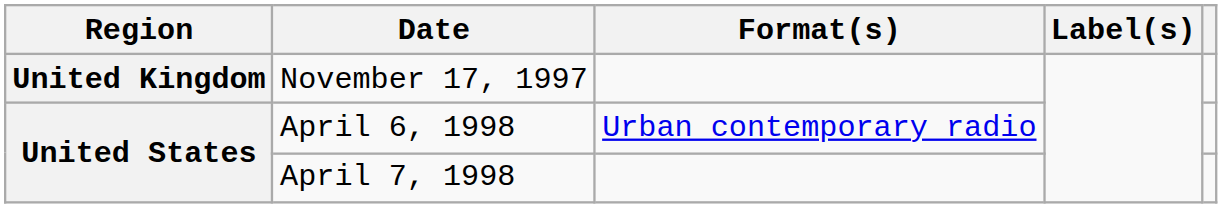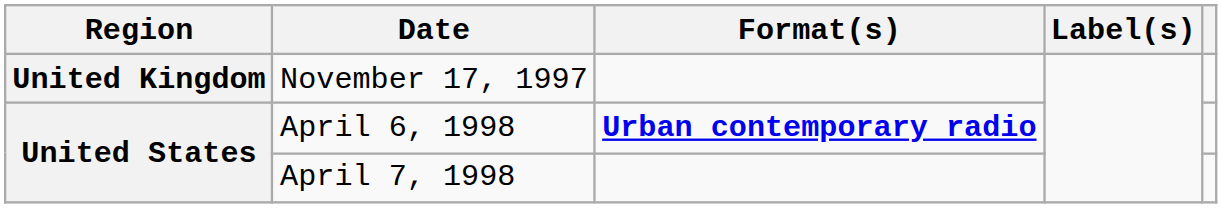 <table class="wikitable plainrowheaders">
 <tr>
 <th scope="col">Region</th>
 <th scope="col">Date</th>
 <th scope="col">Format(s)</th>
 <th scope="col">Label(s)</th>
 <th scope="col"></th>
 </tr>
 <tr>
 <th scope="row">United Kingdom</th>
 <td>November 17, 1997</td>
 <td></td>
 <td rowspan="3"></td>
 <td></td>
 </tr>
 <tr>
 <th scope="row" rowspan="2">United States</th>
 <td>April 6, 1998</td>
-<td><a href='#'>Urban contemporary radio</a></td>
+<td><strong><a href='#'>Urban contemporary radio</a></strong></td>
 <td></td>
 </tr>
 <tr>
 <td>April 7, 1998</td>
 <td></td>
 <td></td>
 </tr>
 </table>
